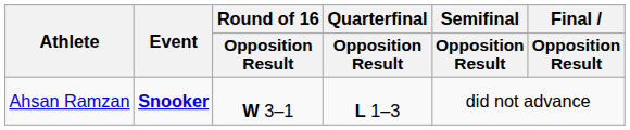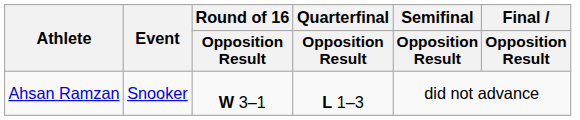 <table class=wikitable style=font-size:90%;text-align:center>
 <tr>
 <th rowspan=2>Athlete</th>
 <th rowspan=2>Event</th>
 <th>Round of 16</th>
 <th>Quarterfinal</th>
 <th>Semifinal</th>
 <th>Final / </th>
 </tr>
 <tr style=font-size:95%>
 <th>Opposition<br>Result</th>
 <th>Opposition<br>Result</th>
 <th>Opposition<br>Result</th>
 <th>Opposition<br>Result</th>
 </tr>
 <tr>
 <td align=left><a href='#'>Ahsan Ramzan</a></td>
-<td align=left><strong><a href='#'>Snooker</a></strong></td>
+<td align=left><a href='#'>Snooker</a></td>
 <td><br><strong>W</strong> 3–1</td>
 <td><br><strong>L</strong> 1–3</td>
 <td colspan=3>did not advance</td>
 </tr>
 </table>
